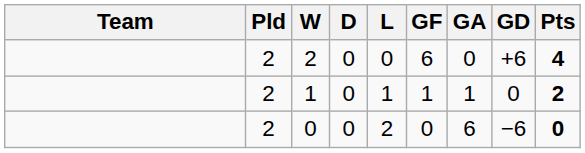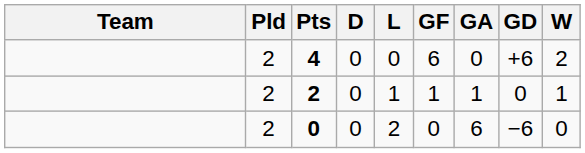 <table class="wikitable" style="text-align: center;">
 <tr>
 <th width=165>Team</th>
 <th width=20>Pld</th>
-<th width=20>W</th>
+<th width=20>Pts</th>
 <th width=20>D</th>
 <th width=20>L</th>
 <th width=20>GF</th>
 <th width=20>GA</th>
 <th width=20>GD</th>
-<th width=20>Pts</th>
+<th width=20>W</th>
 </tr>
 <tr>
 <td style="text-align:left;"></td>
 <td>2</td>
-<td>2</td>
+<td><strong>4</strong></td>
 <td>0</td>
 <td>0</td>
 <td>6</td>
 <td>0</td>
 <td>+6</td>
-<td><strong>4</strong></td>
+<td>2</td>
 </tr>
 <tr>
 <td style="text-align:left;"></td>
 <td>2</td>
-<td>1</td>
+<td><strong>2</strong></td>
 <td>0</td>
 <td>1</td>
 <td>1</td>
 <td>1</td>
 <td>0</td>
-<td><strong>2</strong></td>
+<td>1</td>
 </tr>
 <tr>
 <td style="text-align:left;"></td>
 <td>2</td>
-<td>0</td>
+<td><strong>0</strong></td>
 <td>0</td>
 <td>2</td>
 <td>0</td>
 <td>6</td>
 <td>−6</td>
-<td><strong>0</strong></td>
+<td>0</td>
 </tr>
 </table>
